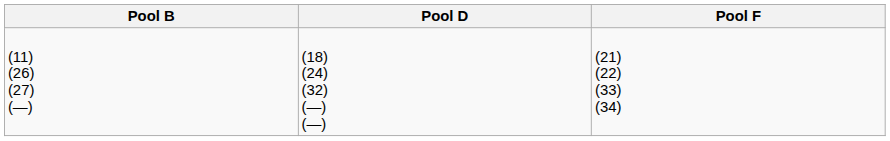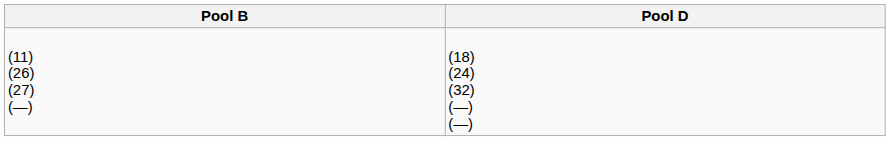 <table class="wikitable" width=75%>
 <tr>
 <th width=33%>Pool B</th>
 <th width=33%>Pool D</th>
-<th width=33%>Pool F</th>
 </tr>
 <tr>
 <td valign=top><br> (11)<br>  (26)<br>  (27)<br>  (—)</td>
 <td><br> (18)<br>  (24)<br>  (32)<br>  (—)<br>  (—)</td>
-<td valign=top><br> (21)<br>  (22)<br>  (33)<br>  (34)</td>
 </tr>
 </table>
